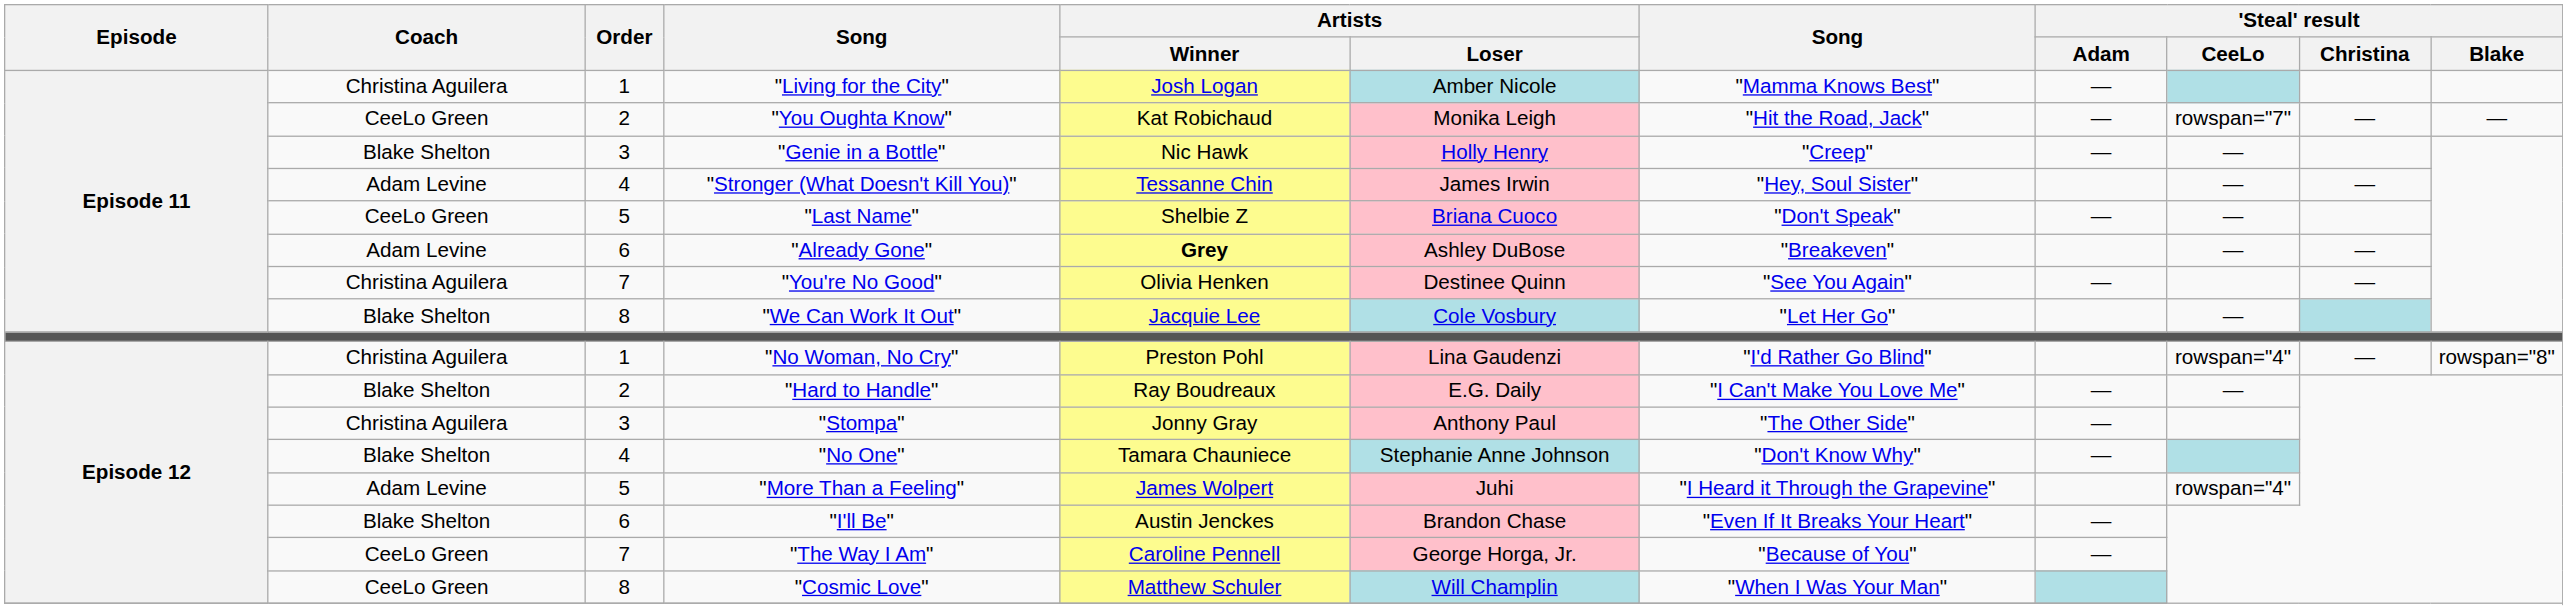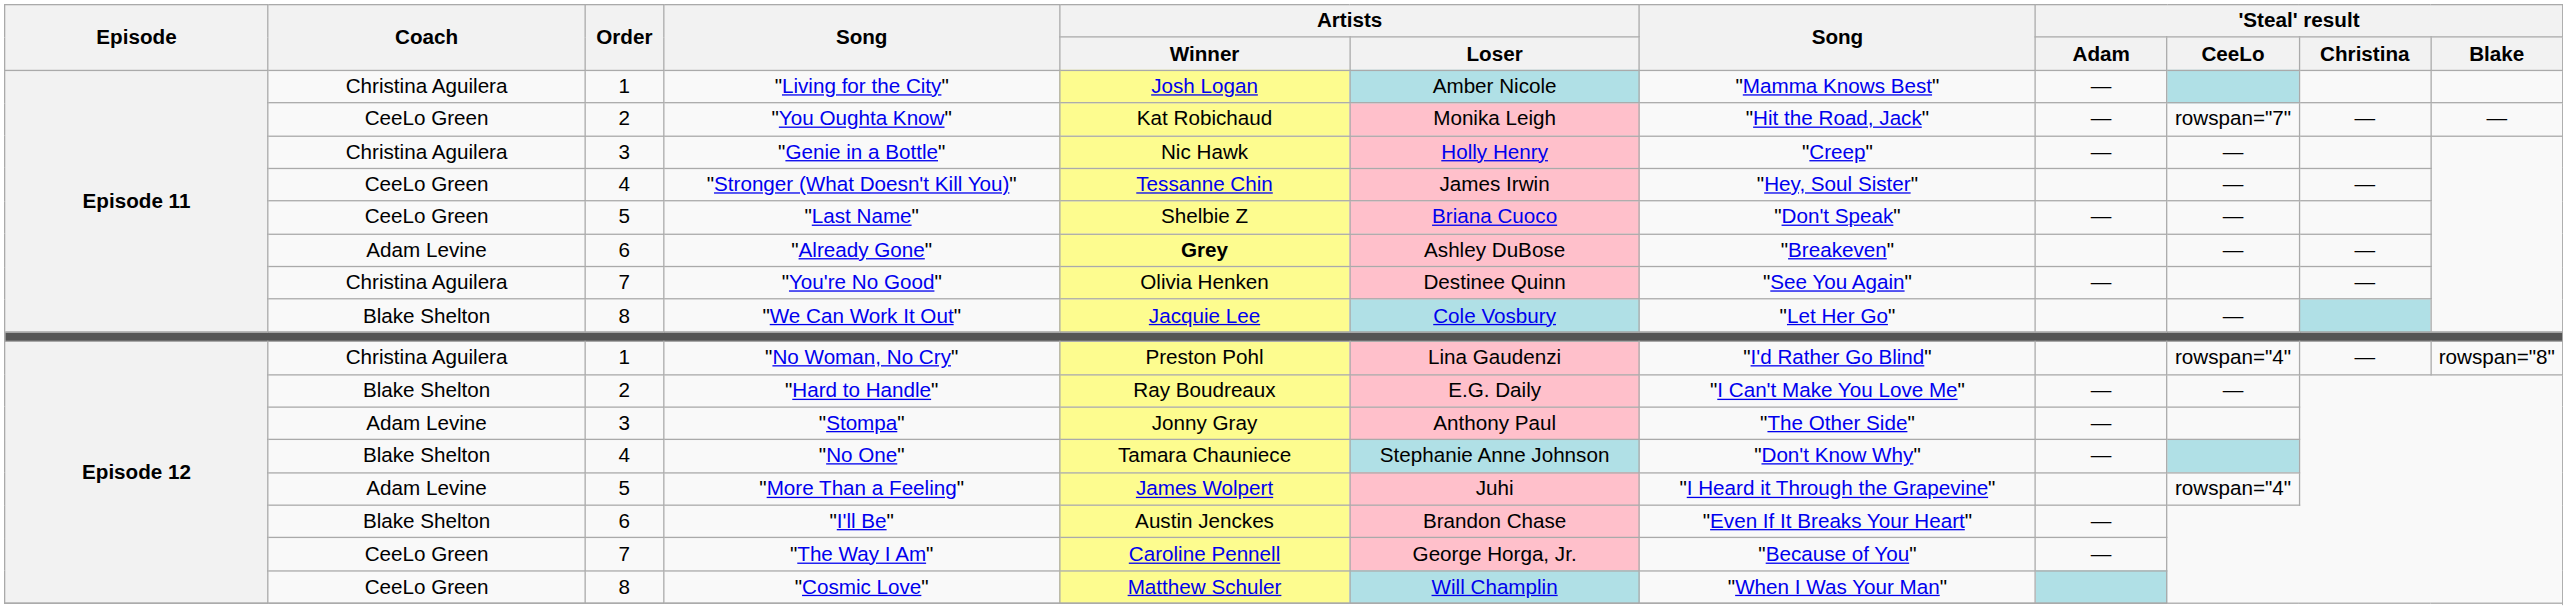 <table class="wikitable" style="text-align: center; width:100%;">
 <tr>
 <th rowspan="2" style="width:10%;">Episode</th>
 <th rowspan="2" width="12%">Coach</th>
 <th rowspan="2" width="03%">Order</th>
 <th rowspan="2" width="15%">Song</th>
 <th colspan="2" width="22%">Artists</th>
 <th rowspan="2" width="15%">Song</th>
 <th colspan="4" width="10%">'Steal' result</th>
 </tr>
 <tr>
 <th width="11%">Winner</th>
 <th width="11%">Loser</th>
 <th width="05%">Adam</th>
 <th width="05%">CeeLo</th>
 <th width="05%">Christina</th>
 <th width="05%">Blake</th>
 </tr>
 <tr>
 <th rowspan="8">Episode 11<br><small></small></th>
 <td>Christina Aguilera</td>
 <td>1</td>
 <td>"<a href='#'>Living for the City</a>"</td>
 <td style="background:#fdfc8f;"><a href='#'>Josh Logan</a></td>
 <td style="background:#B0E0E6">Amber Nicole</td>
 <td>"<a href='#'>Mamma Knows Best</a>"</td>
 <td>—</td>
 <td style="background:#B0E0E6;"><strong></strong></td>
 <td></td>
 <td><strong></strong></td>
 </tr>
 <tr>
 <td>CeeLo Green</td>
 <td>2</td>
 <td>"<a href='#'>You Oughta Know</a>"</td>
 <td style="background:#fdfc8f;">Kat Robichaud</td>
 <td style="background:pink;">Monika Leigh</td>
 <td>"<a href='#'>Hit the Road, Jack</a>"</td>
 <td>—</td>
 <td>rowspan="7" </td>
 <td>—</td>
 <td>—</td>
 </tr>
 <tr>
-<td>Blake Shelton</td>
+<td>Christina Aguilera</td>
 <td>3</td>
 <td>"<a href='#'>Genie in a Bottle</a>"</td>
 <td style="background:#fdfc8f;">Nic Hawk</td>
 <td style="background:pink;"><a href='#'>Holly Henry</a></td>
 <td>"<a href='#'>Creep</a>"</td>
 <td>—</td>
 <td>—</td>
 <td></td>
 </tr>
 <tr>
-<td>Adam Levine</td>
+<td>CeeLo Green</td>
 <td>4</td>
 <td>"<a href='#'>Stronger (What Doesn't Kill You)</a>"</td>
 <td style="background:#fdfc8f;"><a href='#'>Tessanne Chin</a></td>
 <td style="background:pink;">James Irwin</td>
 <td>"<a href='#'>Hey, Soul Sister</a>"</td>
 <td></td>
 <td>—</td>
 <td>—</td>
 </tr>
 <tr>
 <td>CeeLo Green</td>
 <td>5</td>
 <td>"<a href='#'>Last Name</a>"</td>
 <td style="background:#fdfc8f;">Shelbie Z</td>
 <td style="background:pink;"><a href='#'>Briana Cuoco</a></td>
 <td>"<a href='#'>Don't Speak</a>"</td>
 <td>—</td>
 <td>—</td>
 <td></td>
 </tr>
 <tr>
 <td>Adam Levine</td>
 <td>6</td>
 <td>"<a href='#'>Already Gone</a>"</td>
 <td style="background:#fdfc8f;"><strong>Grey</strong></td>
 <td style="background:pink;">Ashley DuBose</td>
 <td>"<a href='#'>Breakeven</a>"</td>
 <td></td>
 <td>—</td>
 <td>—</td>
 </tr>
 <tr>
 <td>Christina Aguilera</td>
 <td>7</td>
 <td>"<a href='#'>You're No Good</a>"</td>
 <td style="background:#fdfc8f;">Olivia Henken</td>
 <td style="background:pink">Destinee Quinn</td>
 <td>"<a href='#'>See You Again</a>"</td>
 <td>—</td>
 <td></td>
 <td>—</td>
 </tr>
 <tr>
 <td>Blake Shelton</td>
 <td>8</td>
 <td>"<a href='#'>We Can Work It Out</a>"</td>
 <td style="background:#fdfc8f;"><a href='#'>Jacquie Lee</a></td>
 <td style="background:#B0E0E6"><a href='#'>Cole Vosbury</a></td>
 <td>"<a href='#'>Let Her Go</a>"</td>
 <td><strong></strong></td>
 <td>—</td>
 <td style="background:#B0E0E6;"><strong></strong></td>
 </tr>
 <tr>
 <td colspan="11" style="background:#555;"></td>
 </tr>
 <tr>
 <th rowspan="8">Episode 12<br><small></small></th>
 <td>Christina Aguilera</td>
 <td>1</td>
 <td>"<a href='#'>No Woman, No Cry</a>"</td>
 <td style="background:#fdfc8f;">Preston Pohl</td>
 <td style="background:pink;">Lina Gaudenzi</td>
 <td>"<a href='#'>I'd Rather Go Blind</a>"</td>
 <td></td>
 <td>rowspan="4" </td>
 <td>—</td>
 <td>rowspan="8" </td>
 </tr>
 <tr>
 <td>Blake Shelton</td>
 <td>2</td>
 <td>"<a href='#'>Hard to Handle</a>"</td>
 <td style="background:#fdfc8f;">Ray Boudreaux</td>
 <td style="background:pink;">E.G. Daily</td>
 <td>"<a href='#'>I Can't Make You Love Me</a>"</td>
 <td>—</td>
 <td>—</td>
 </tr>
 <tr>
-<td>Christina Aguilera</td>
+<td>Adam Levine</td>
 <td>3</td>
 <td>"<a href='#'>Stompa</a>"</td>
 <td style="background:#fdfc8f;">Jonny Gray</td>
 <td style="background:pink">Anthony Paul</td>
 <td>"<a href='#'>The Other Side</a>"</td>
 <td>—</td>
 <td></td>
 </tr>
 <tr>
 <td>Blake Shelton</td>
 <td>4</td>
 <td>"<a href='#'>No One</a>"</td>
 <td style="background:#fdfc8f;">Tamara Chauniece</td>
 <td style="background:#B0E0E6">Stephanie Anne Johnson</td>
 <td>"<a href='#'>Don't Know Why</a>"</td>
 <td>—</td>
 <td style="background:#B0E0E6;"><strong></strong></td>
 </tr>
 <tr>
 <td>Adam Levine</td>
 <td>5</td>
 <td>"<a href='#'>More Than a Feeling</a>"</td>
 <td style="background:#fdfc8f;"><a href='#'>James Wolpert</a></td>
 <td style="background:pink;">Juhi</td>
 <td>"<a href='#'>I Heard it Through the Grapevine</a>"</td>
 <td></td>
 <td>rowspan="4" </td>
 </tr>
 <tr>
 <td>Blake Shelton</td>
 <td>6</td>
 <td>"<a href='#'>I'll Be</a>"</td>
 <td style="background:#fdfc8f;">Austin Jenckes</td>
 <td style="background:pink;">Brandon Chase</td>
 <td>"<a href='#'>Even If It Breaks Your Heart</a>"</td>
 <td>—</td>
 </tr>
 <tr>
 <td>CeeLo Green</td>
 <td>7</td>
 <td>"<a href='#'>The Way I Am</a>"</td>
 <td style="background:#fdfc8f;"><a href='#'>Caroline Pennell</a></td>
 <td style="background:pink;">George Horga, Jr.</td>
 <td>"<a href='#'>Because of You</a>"</td>
 <td>—</td>
 </tr>
 <tr>
 <td>CeeLo Green</td>
 <td>8</td>
 <td>"<a href='#'>Cosmic Love</a>"</td>
 <td style="background:#fdfc8f;"><a href='#'>Matthew Schuler</a></td>
 <td style="background:#B0E0E6"><a href='#'>Will Champlin</a></td>
 <td>"<a href='#'>When I Was Your Man</a>"</td>
 <td style="background:#B0E0E6;"><strong></strong></td>
 </tr>
 <tr>
 </tr>
 </table>
